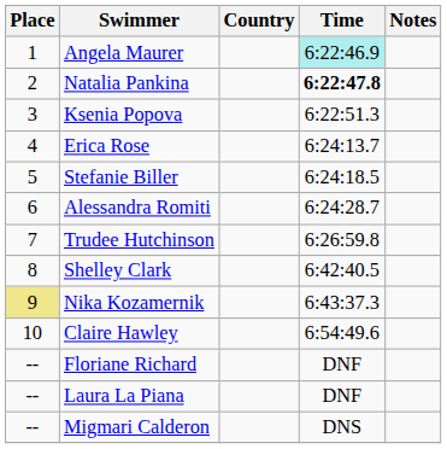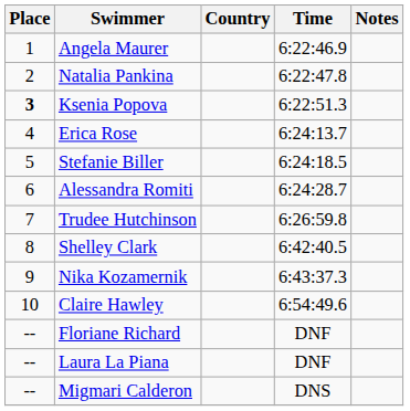 <table class="wikitable" style="text-align:center">
 <tr>
 <th>Place</th>
 <th>Swimmer</th>
 <th>Country</th>
 <th>Time</th>
 <th>Notes</th>
 </tr>
 <tr>
 <td>1</td>
 <td align=left><a href='#'>Angela Maurer</a></td>
 <td align=left></td>
-<td style="background: paleturquoise;">6:22:46.9</td>
+<td>6:22:46.9</td>
 <td></td>
 </tr>
 <tr>
 <td>2</td>
 <td align=left><a href='#'>Natalia Pankina</a></td>
 <td align=left></td>
-<td><strong>6:22:47.8</strong></td>
+<td>6:22:47.8</td>
 <td></td>
 </tr>
 <tr>
-<td>3</td>
+<td><strong>3</strong></td>
 <td align=left><a href='#'>Ksenia Popova</a></td>
 <td align=left></td>
 <td>6:22:51.3</td>
 <td></td>
 </tr>
 <tr>
 <td>4</td>
 <td align=left><a href='#'>Erica Rose</a></td>
 <td align=left></td>
 <td>6:24:13.7</td>
 <td></td>
 </tr>
 <tr>
 <td>5</td>
 <td align=left><a href='#'>Stefanie Biller</a></td>
 <td align=left></td>
 <td>6:24:18.5</td>
 <td></td>
 </tr>
 <tr>
 <td>6</td>
 <td align=left><a href='#'>Alessandra Romiti</a></td>
 <td align=left></td>
 <td>6:24:28.7</td>
 <td></td>
 </tr>
 <tr>
 <td>7</td>
 <td align=left><a href='#'>Trudee Hutchinson</a></td>
 <td align=left></td>
 <td>6:26:59.8</td>
 <td></td>
 </tr>
 <tr>
 <td>8</td>
 <td align=left><a href='#'>Shelley Clark</a></td>
 <td align=left></td>
 <td>6:42:40.5</td>
 <td></td>
 </tr>
 <tr>
-<td style="background: khaki;">9</td>
+<td>9</td>
 <td align=left><a href='#'>Nika Kozamernik</a></td>
 <td align=left></td>
 <td>6:43:37.3</td>
 <td></td>
 </tr>
 <tr>
 <td>10</td>
 <td align=left><a href='#'>Claire Hawley</a></td>
 <td align=left></td>
 <td>6:54:49.6</td>
 <td></td>
 </tr>
 <tr>
 <td>--</td>
 <td align=left><a href='#'>Floriane Richard</a></td>
 <td align=left></td>
 <td>DNF</td>
 <td></td>
 </tr>
 <tr>
 <td>--</td>
 <td align=left><a href='#'>Laura La Piana</a></td>
 <td align=left></td>
 <td>DNF</td>
 <td></td>
 </tr>
 <tr>
 <td>--</td>
 <td align=left><a href='#'>Migmari Calderon</a></td>
 <td align=left></td>
 <td>DNS</td>
 <td></td>
 </tr>
 <tr>
 </tr>
 </table>
